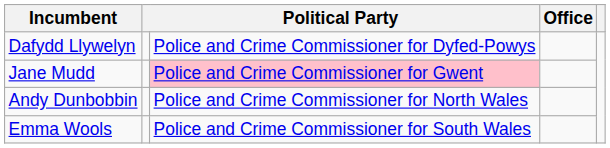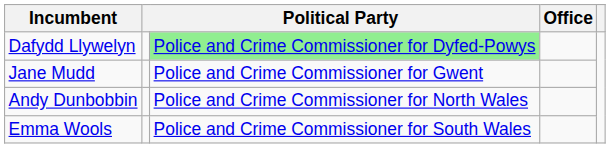 <table class="wikitable">
 <tr>
 <th>Incumbent</th>
 <th colspan="2">Political Party</th>
 <th>Office</th>
 <th></th>
 </tr>
 <tr>
 <td><a href='#'>Dafydd Llywelyn</a></td>
 <td></td>
-<td><a href='#'>Police and Crime Commissioner for Dyfed-Powys</a></td>
+<td style="background: lightgreen;"><a href='#'>Police and Crime Commissioner for Dyfed-Powys</a></td>
 <td></td>
 </tr>
 <tr>
 <td><a href='#'>Jane Mudd</a></td>
 <td></td>
-<td style="background: pink;"><a href='#'>Police and Crime Commissioner for Gwent</a></td>
+<td><a href='#'>Police and Crime Commissioner for Gwent</a></td>
 <td></td>
 </tr>
 <tr>
 <td><a href='#'>Andy Dunbobbin</a></td>
 <td></td>
 <td><a href='#'>Police and Crime Commissioner for North Wales</a></td>
 <td></td>
 </tr>
 <tr>
 <td><a href='#'>Emma Wools</a></td>
 <td></td>
 <td><a href='#'>Police and Crime Commissioner for South Wales</a></td>
 <td></td>
 </tr>
 </table>
